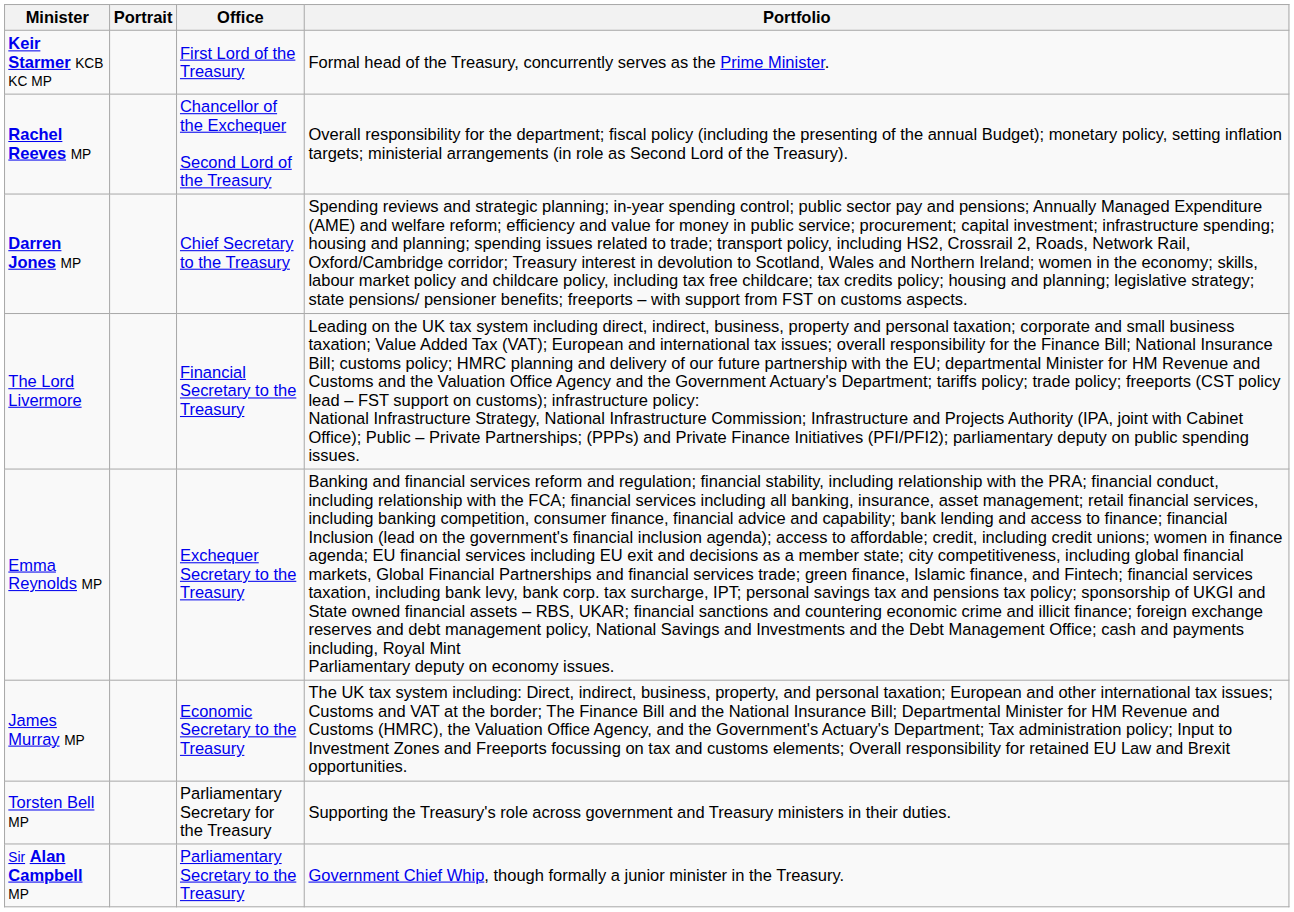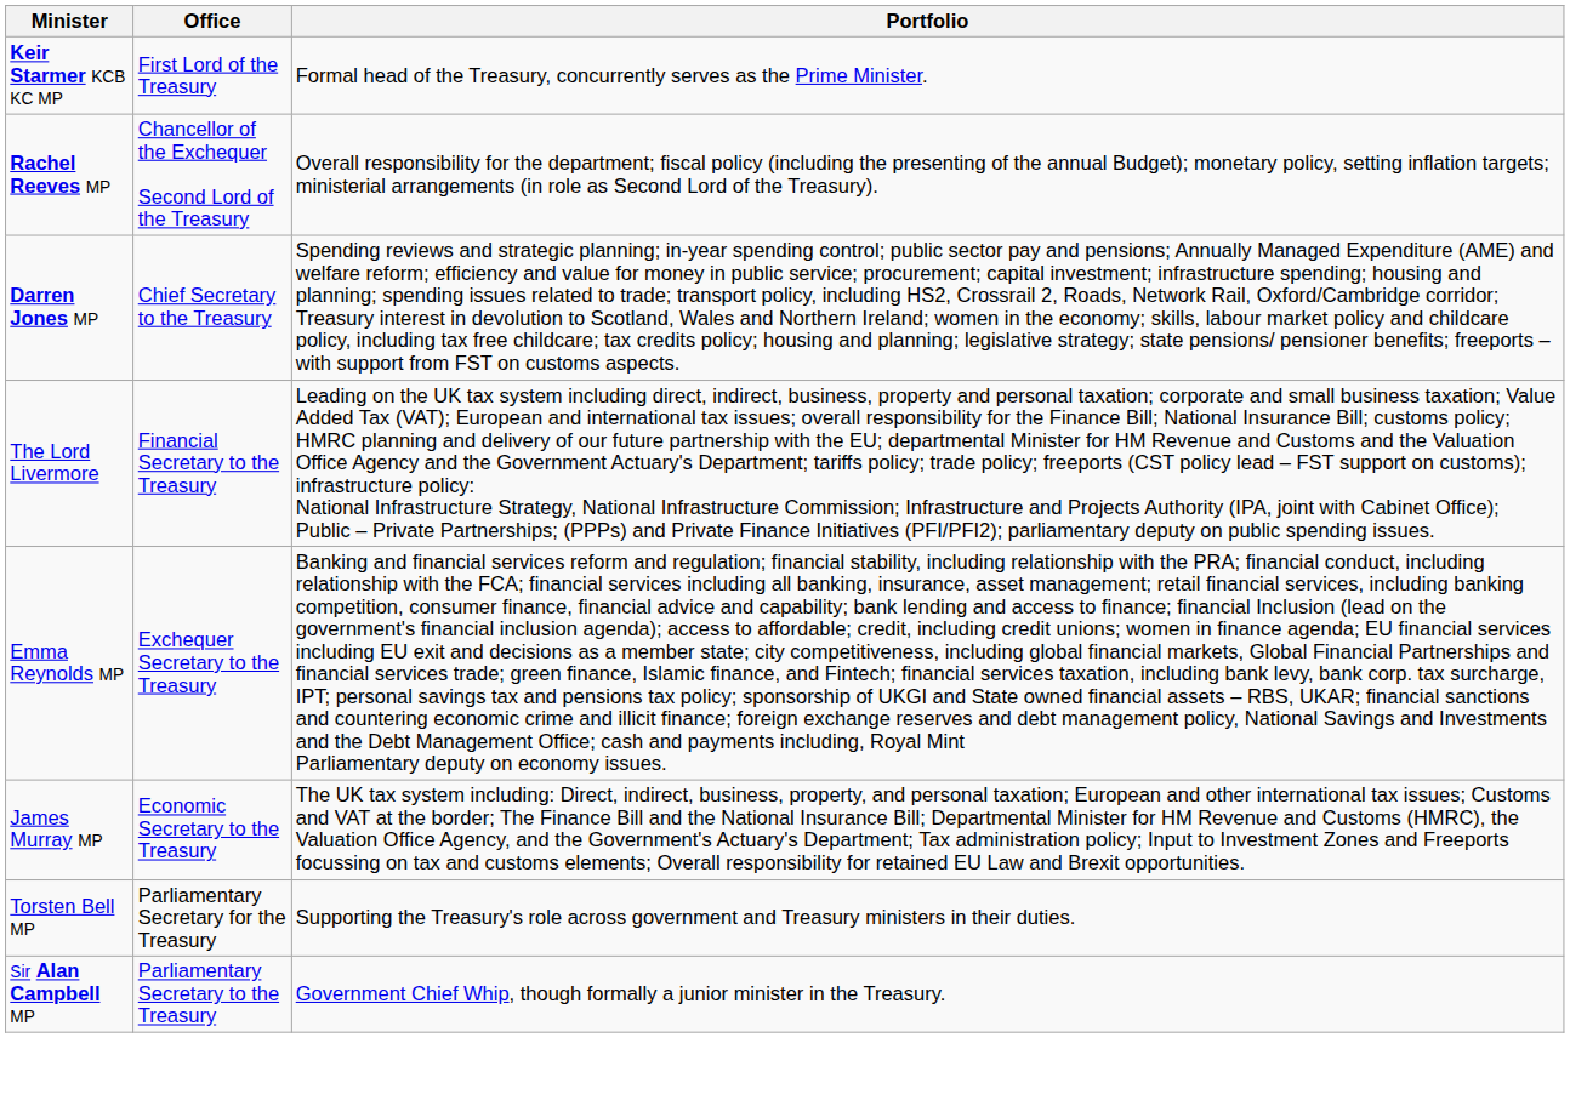 <table class=wikitable>
 <tr>
 <th width=95x>Minister</th>
-<th>Portrait</th>
 <th>Office</th>
 <th>Portfolio</th>
 </tr>
 <tr>
 <td> <strong><a href='#'>Keir Starmer</a></strong> <small>KCB KC MP</small></td>
-<td></td>
 <td><a href='#'>First Lord of the Treasury</a></td>
 <td>Formal head of the Treasury, concurrently serves as the <a href='#'>Prime Minister</a>.</td>
 </tr>
 <tr>
 <td> <strong><a href='#'>Rachel Reeves</a></strong> <small>MP</small></td>
-<td></td>
 <td><a href='#'>Chancellor of the Exchequer</a><br><br><a href='#'>Second Lord of the Treasury</a></td>
 <td>Overall responsibility for the department; fiscal policy (including the presenting of the annual Budget); monetary policy, setting inflation targets; ministerial arrangements (in role as Second Lord of the Treasury).</td>
 </tr>
 <tr>
 <td> <strong><a href='#'>Darren Jones</a></strong> <small>MP</small></td>
-<td></td>
 <td><a href='#'>Chief Secretary to the Treasury</a></td>
 <td>Spending reviews and strategic planning; in-year spending control; public sector pay and pensions; Annually Managed Expenditure (AME) and welfare reform; efficiency and value for money in public service; procurement; capital investment; infrastructure spending; housing and planning; spending issues related to trade; transport policy, including HS2, Crossrail 2, Roads, Network Rail, Oxford/Cambridge corridor; Treasury interest in devolution to Scotland, Wales and Northern Ireland; women in the economy; skills, labour market policy and childcare policy, including tax free childcare; tax credits policy; housing and planning; legislative strategy; state pensions/ pensioner benefits; freeports – with support from FST on customs aspects.</td>
 </tr>
 <tr>
 <td> <a href='#'>The Lord Livermore</a></td>
-<td></td>
 <td><a href='#'>Financial Secretary to the Treasury</a></td>
 <td>Leading on the UK tax system including direct, indirect, business, property and personal taxation; corporate and small business taxation; Value Added Tax (VAT); European and international tax issues; overall responsibility for the Finance Bill; National Insurance Bill; customs policy; HMRC planning and delivery of our future partnership with the EU; departmental Minister for HM Revenue and Customs and the Valuation Office Agency and the Government Actuary's Department; tariffs policy; trade policy; freeports (CST policy lead – FST support on customs); infrastructure policy:<br>National Infrastructure Strategy, National Infrastructure Commission; Infrastructure and Projects Authority (IPA, joint with Cabinet Office); Public – Private Partnerships; (PPPs) and Private Finance Initiatives (PFI/PFI2); parliamentary deputy on public spending issues.</td>
 </tr>
 <tr>
 <td><a href='#'>Emma Reynolds</a> <small>MP</small></td>
-<td></td>
 <td><a href='#'>Exchequer Secretary to the Treasury</a></td>
 <td>Banking and financial services reform and regulation; financial stability, including relationship with the PRA; financial conduct, including relationship with the FCA; financial services including all banking, insurance, asset management; retail financial services, including banking competition, consumer finance, financial advice and capability; bank lending and access to finance; financial Inclusion (lead on the government's financial inclusion agenda); access to affordable; credit, including credit unions; women in finance agenda; EU financial services including EU exit and decisions as a member state; city competitiveness, including global financial markets, Global Financial Partnerships and financial services trade; green finance, Islamic finance, and Fintech; financial services taxation, including bank levy, bank corp. tax surcharge, IPT; personal savings tax and pensions tax policy; sponsorship of UKGI and State owned financial assets – RBS, UKAR; financial sanctions and countering economic crime and illicit finance; foreign exchange reserves and debt management policy, National Savings and Investments and the Debt Management Office; cash and payments including, Royal Mint<br>Parliamentary deputy on economy issues.</td>
 </tr>
 <tr>
 <td><a href='#'>James Murray</a> <small>MP</small></td>
-<td></td>
 <td><a href='#'>Economic Secretary to the Treasury</a></td>
 <td>The UK tax system including: Direct, indirect, business, property, and personal taxation; European and other international tax issues; Customs and VAT at the border; The Finance Bill and the National Insurance Bill; Departmental Minister for HM Revenue and Customs (HMRC), the Valuation Office Agency, and the Government's Actuary's Department; Tax administration policy; Input to Investment Zones and Freeports focussing on tax and customs elements; Overall responsibility for retained EU Law and Brexit opportunities.</td>
 </tr>
 <tr>
 <td><a href='#'>Torsten Bell</a> <small>MP</small></td>
-<td></td>
 <td>Parliamentary Secretary for the Treasury</td>
 <td>Supporting the Treasury's role across government and Treasury ministers in their duties.</td>
 </tr>
 <tr>
 <td> <small><a href='#'>Sir</a></small> <strong><a href='#'>Alan Campbell</a></strong> <small>MP</small></td>
-<td></td>
 <td><a href='#'>Parliamentary Secretary to the Treasury</a></td>
 <td><a href='#'>Government Chief Whip</a>, though formally a junior minister in the Treasury.</td>
 </tr>
 </table>
